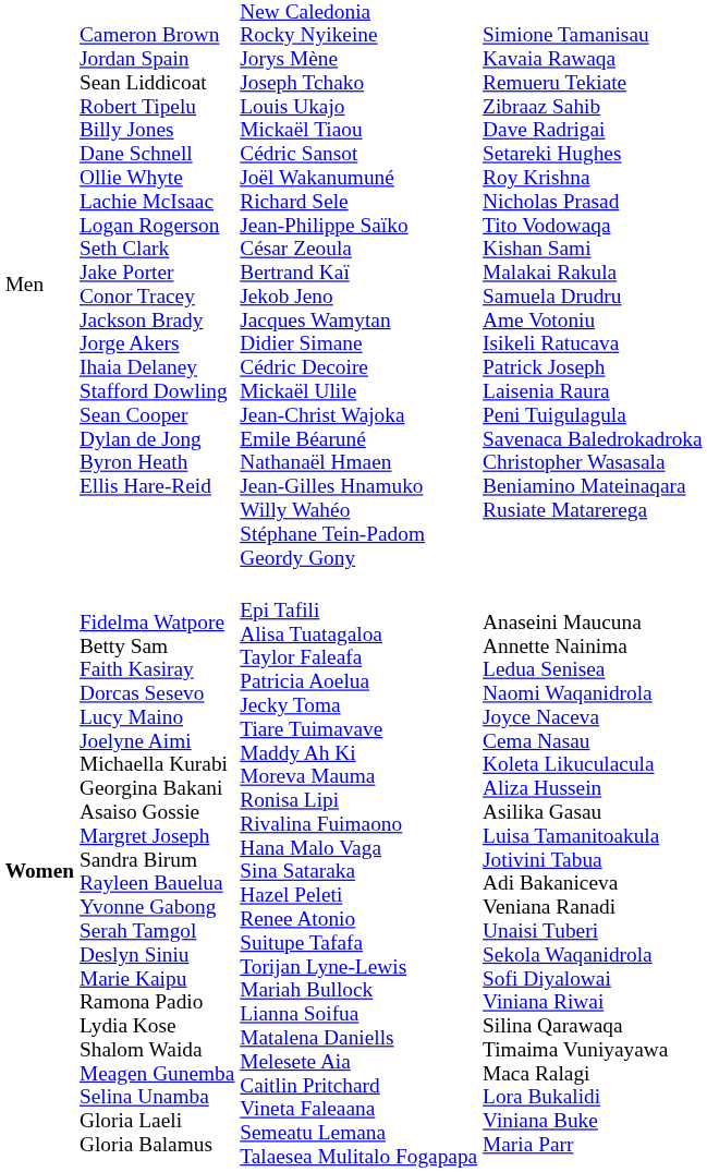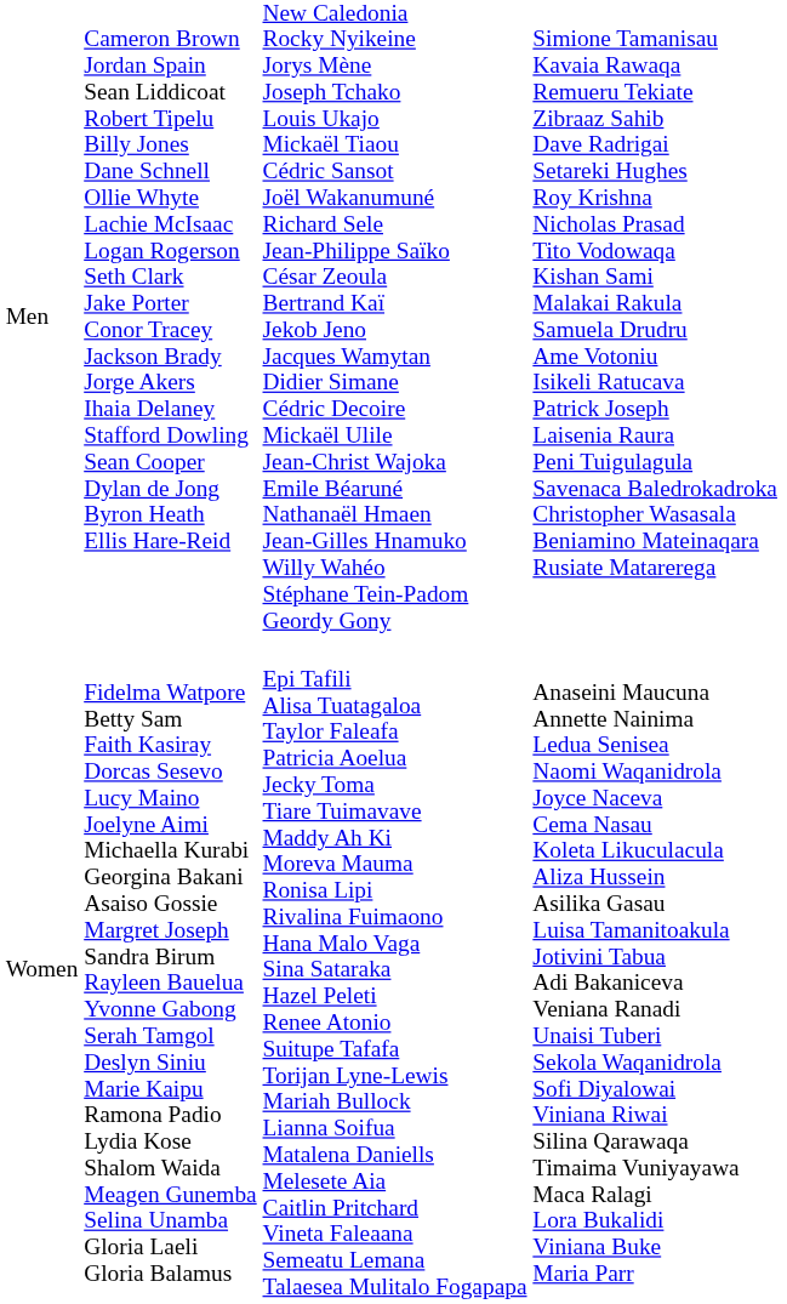 <table>
 <tr>
 <td>Men<br></td>
 <td valign=top><br><a href='#'>Cameron Brown</a><br><a href='#'>Jordan Spain</a><br>Sean Liddicoat<br><a href='#'>Robert Tipelu</a><br><a href='#'>Billy Jones</a><br><a href='#'>Dane Schnell</a><br><a href='#'>Ollie Whyte</a><br><a href='#'>Lachie McIsaac</a><br><a href='#'>Logan Rogerson</a><br><a href='#'>Seth Clark</a><br><a href='#'>Jake Porter</a><br><a href='#'>Conor Tracey</a><br><a href='#'>Jackson Brady</a><br><a href='#'>Jorge Akers</a><br><a href='#'>Ihaia Delaney</a><br><a href='#'>Stafford Dowling</a><br><a href='#'>Sean Cooper</a><br><a href='#'>Dylan de Jong</a><br><a href='#'>Byron Heath</a><br><a href='#'>Ellis Hare-Reid</a></td>
 <td> <a href='#'>New Caledonia</a><br><a href='#'>Rocky Nyikeine</a><br><a href='#'>Jorys Mène</a><br><a href='#'>Joseph Tchako</a><br><a href='#'>Louis Ukajo</a><br><a href='#'>Mickaël Tiaou</a><br><a href='#'>Cédric Sansot</a><br><a href='#'>Joël Wakanumuné</a><br><a href='#'>Richard Sele</a><br><a href='#'>Jean-Philippe Saïko</a><br><a href='#'>César Zeoula</a><br><a href='#'>Bertrand Kaï</a><br><a href='#'>Jekob Jeno</a><br><a href='#'>Jacques Wamytan</a><br><a href='#'>Didier Simane</a><br><a href='#'>Cédric Decoire</a><br><a href='#'>Mickaël Ulile</a><br><a href='#'>Jean-Christ Wajoka</a><br><a href='#'>Emile Béaruné</a><br><a href='#'>Nathanaël Hmaen</a><br><a href='#'>Jean-Gilles Hnamuko</a><br><a href='#'>Willy Wahéo</a><br><a href='#'>Stéphane Tein-Padom</a><br><a href='#'>Geordy Gony</a></td>
 <td valign=top><br><a href='#'>Simione Tamanisau</a><br><a href='#'>Kavaia Rawaqa</a><br><a href='#'>Remueru Tekiate</a><br><a href='#'>Zibraaz Sahib</a><br><a href='#'>Dave Radrigai</a><br><a href='#'>Setareki Hughes</a><br><a href='#'>Roy Krishna</a><br><a href='#'>Nicholas Prasad</a><br><a href='#'>Tito Vodowaqa</a><br><a href='#'>Kishan Sami</a><br><a href='#'>Malakai Rakula</a><br><a href='#'>Samuela Drudru</a><br><a href='#'>Ame Votoniu</a><br><a href='#'>Isikeli Ratucava</a><br><a href='#'>Patrick Joseph</a><br><a href='#'>Laisenia Raura</a><br><a href='#'>Peni Tuigulagula</a><br><a href='#'>Savenaca Baledrokadroka</a><br><a href='#'>Christopher Wasasala</a><br><a href='#'>Beniamino Mateinaqara</a><br><a href='#'>Rusiate Matarerega</a></td>
 </tr>
 <tr>
-<td><strong>Women<br></strong></td>
+<td>Women<br></td>
 <td><br><a href='#'>Fidelma Watpore</a><br>Betty Sam<br><a href='#'>Faith Kasiray</a><br><a href='#'>Dorcas Sesevo</a><br><a href='#'>Lucy Maino</a><br><a href='#'>Joelyne Aimi</a><br>Michaella Kurabi<br>Georgina Bakani<br>Asaiso Gossie<br><a href='#'>Margret Joseph</a><br>Sandra Birum<br><a href='#'>Rayleen Bauelua</a><br><a href='#'>Yvonne Gabong</a><br><a href='#'>Serah Tamgol</a><br><a href='#'>Deslyn Siniu</a><br><a href='#'>Marie Kaipu</a><br>Ramona Padio<br>Lydia Kose<br>Shalom Waida<br><a href='#'>Meagen Gunemba</a><br><a href='#'>Selina Unamba</a><br>Gloria Laeli<br>Gloria Balamus</td>
 <td><br><a href='#'>Epi Tafili</a><br><a href='#'>Alisa Tuatagaloa</a><br><a href='#'>Taylor Faleafa</a><br><a href='#'>Patricia Aoelua</a><br><a href='#'>Jecky Toma</a><br><a href='#'>Tiare Tuimavave</a><br><a href='#'>Maddy Ah Ki</a><br><a href='#'>Moreva Mauma</a><br><a href='#'>Ronisa Lipi</a><br><a href='#'>Rivalina Fuimaono</a><br><a href='#'>Hana Malo Vaga</a><br><a href='#'>Sina Sataraka</a><br><a href='#'>Hazel Peleti</a><br><a href='#'>Renee Atonio</a><br><a href='#'>Suitupe Tafafa</a><br><a href='#'>Torijan Lyne-Lewis</a><br><a href='#'>Mariah Bullock</a><br><a href='#'>Lianna Soifua</a><br><a href='#'>Matalena Daniells</a><br><a href='#'>Melesete Aia</a><br><a href='#'>Caitlin Pritchard</a><br><a href='#'>Vineta Faleaana</a><br><a href='#'>Semeatu Lemana</a><br><a href='#'>Talaesea Mulitalo Fogapapa</a></td>
 <td><br>Anaseini Maucuna<br>Annette Nainima<br><a href='#'>Ledua Senisea</a><br><a href='#'>Naomi Waqanidrola</a><br><a href='#'>Joyce Naceva</a><br><a href='#'>Cema Nasau</a><br><a href='#'>Koleta Likuculacula</a><br><a href='#'>Aliza Hussein</a><br>Asilika Gasau<br><a href='#'>Luisa Tamanitoakula</a><br><a href='#'>Jotivini Tabua</a><br>Adi Bakaniceva<br>Veniana Ranadi<br><a href='#'>Unaisi Tuberi</a><br><a href='#'>Sekola Waqanidrola</a><br><a href='#'>Sofi Diyalowai</a><br><a href='#'>Viniana Riwai</a><br>Silina Qarawaqa<br>Timaima Vuniyayawa<br>Maca Ralagi<br><a href='#'>Lora Bukalidi</a><br><a href='#'>Viniana Buke</a><br><a href='#'>Maria Parr</a></td>
 </tr>
 </table>
